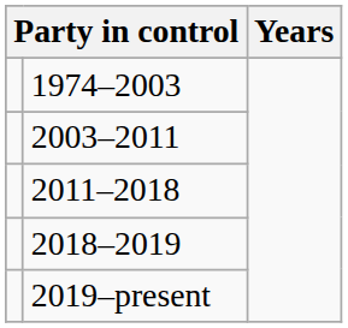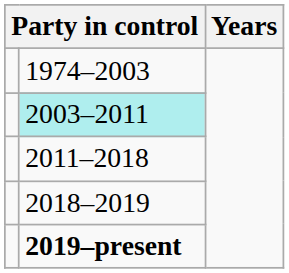 <table class="wikitable">
 <tr>
 <th colspan=2>Party in control</th>
 <th>Years</th>
 </tr>
 <tr>
 <td></td>
 <td>1974–2003</td>
 </tr>
 <tr>
 <td></td>
-<td>2003–2011</td>
+<td style="background: paleturquoise;">2003–2011</td>
 </tr>
 <tr>
 <td></td>
 <td>2011–2018</td>
 </tr>
 <tr>
 <td></td>
 <td>2018–2019</td>
 </tr>
 <tr>
 <td></td>
-<td>2019–present</td>
+<td><strong>2019–present</strong></td>
 </tr>
 </table>
